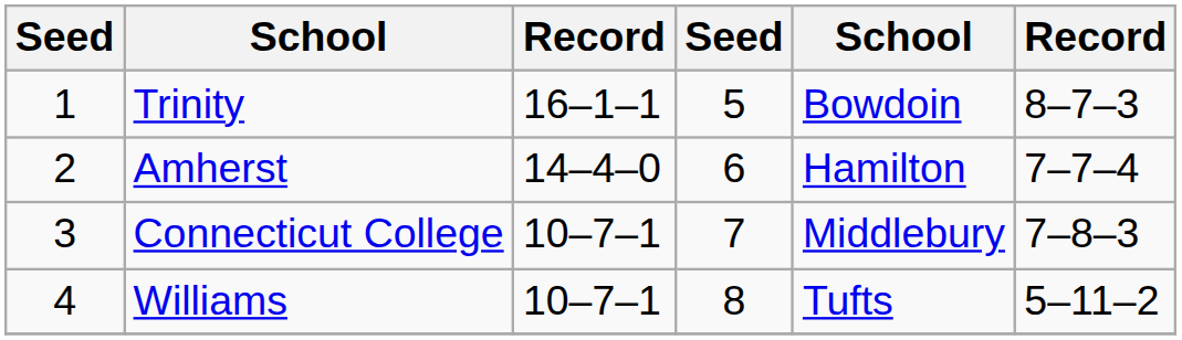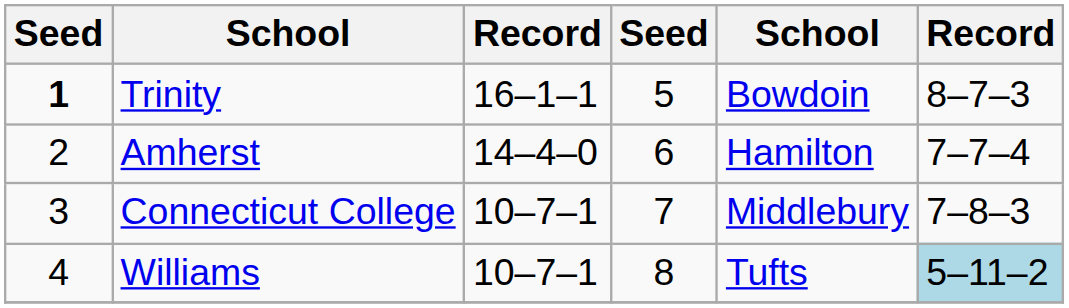 <table class="wikitable">
 <tr>
 <th>Seed</th>
 <th>School</th>
 <th>Record</th>
 <th>Seed</th>
 <th>School</th>
 <th>Record</th>
 </tr>
 <tr>
-<td align=center>1</td>
+<td align=center><strong>1</strong></td>
 <td><a href='#'>Trinity</a></td>
 <td>16–1–1</td>
 <td align=center>5</td>
 <td><a href='#'>Bowdoin</a></td>
 <td>8–7–3</td>
 </tr>
 <tr>
 <td align=center>2</td>
 <td><a href='#'>Amherst</a></td>
 <td>14–4–0</td>
 <td align=center>6</td>
 <td><a href='#'>Hamilton</a></td>
 <td>7–7–4</td>
 </tr>
 <tr>
 <td align=center>3</td>
 <td><a href='#'>Connecticut College</a></td>
 <td>10–7–1</td>
 <td align=center>7</td>
 <td><a href='#'>Middlebury</a></td>
 <td>7–8–3</td>
 </tr>
 <tr>
 <td align=center>4</td>
 <td><a href='#'>Williams</a></td>
 <td>10–7–1</td>
 <td align=center>8</td>
 <td><a href='#'>Tufts</a></td>
-<td>5–11–2</td>
+<td style="background: lightblue;">5–11–2</td>
 </tr>
 <tr>
 </tr>
 </table>
